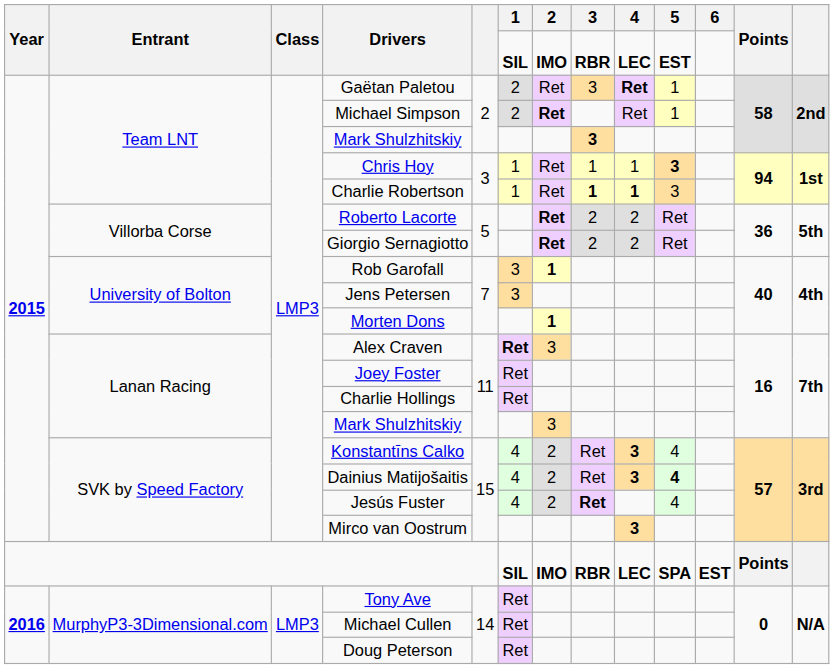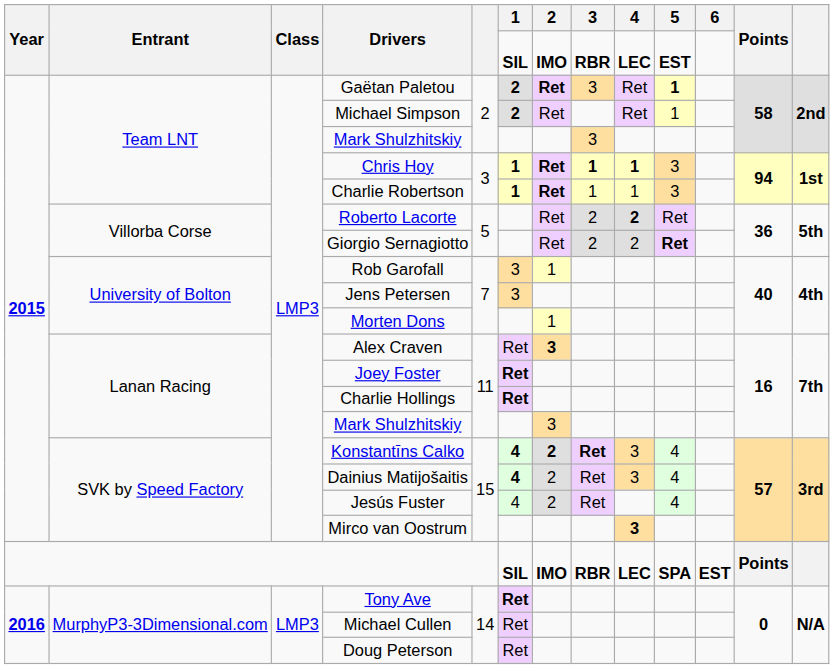 <table class="wikitable" style="text-align:center; font-size:90%">
 <tr>
 <th rowspan="2">Year</th>
 <th rowspan="2">Entrant</th>
 <th rowspan="2">Class</th>
 <th rowspan="2">Drivers</th>
 <th rowspan="2"></th>
 <th>1</th>
 <th>2</th>
 <th>3</th>
 <th>4</th>
 <th>5</th>
 <th>6</th>
 <th rowspan="2">Points</th>
 <th rowspan="2"></th>
 </tr>
 <tr>
 <td><strong></strong><br><strong>SIL</strong></td>
 <td><strong></strong><br><strong>IMO</strong></td>
 <td><strong></strong><br><strong>RBR</strong></td>
 <td><strong></strong><br><strong>LEC</strong></td>
 <td><strong></strong><br><strong>EST</strong></td>
 <td></td>
 </tr>
 <tr>
 <td rowspan="18"><a href='#'><strong>2015</strong></a></td>
 <td rowspan="5"> <a href='#'>Team LNT</a></td>
 <td rowspan="18"><a href='#'>LMP3</a></td>
 <td> Gaëtan Paletou</td>
 <td rowspan="3">2</td>
-<td style="background:#DFDFDF;">2</td>
+<td style="background:#DFDFDF;"><strong>2</strong></td>
+<td style="background:#EFCFFF;"><strong>Ret</strong></td>
+<td style="background:#FFDF9F;">3</td>
 <td style="background:#EFCFFF;">Ret</td>
-<td style="background:#FFDF9F;">3</td>
-<td style="background:#EFCFFF;"><strong>Ret</strong></td>
-<td style="background:#FFFFBF;">1</td>
+<td style="background:#FFFFBF;"><strong>1</strong></td>
 <td></td>
 <td style="background:#DFDFDF;" rowspan="3"><strong>58</strong></td>
 <td style="background:#DFDFDF;" rowspan="3"><strong>2nd</strong></td>
 </tr>
 <tr>
 <td> Michael Simpson</td>
-<td style="background:#DFDFDF;">2</td>
-<td style="background:#EFCFFF;"><strong>Ret</strong></td>
+<td style="background:#DFDFDF;"><strong>2</strong></td>
+<td style="background:#EFCFFF;">Ret</td>
 <td></td>
 <td style="background:#EFCFFF;">Ret</td>
 <td style="background:#FFFFBF;">1</td>
 <td></td>
 </tr>
 <tr>
 <td> <a href='#'>Mark Shulzhitskiy</a></td>
 <td></td>
 <td></td>
-<td style="background:#FFDF9F;"><strong>3</strong></td>
+<td style="background:#FFDF9F;">3</td>
 <td></td>
 <td></td>
 <td></td>
 </tr>
 <tr>
 <td> <a href='#'>Chris Hoy</a></td>
 <td rowspan="2">3</td>
-<td style="background:#FFFFBF;">1</td>
-<td style="background:#EFCFFF;">Ret</td>
-<td style="background:#FFFFBF;">1</td>
-<td style="background:#FFFFBF;">1</td>
-<td style="background:#FFDF9F;"><strong>3</strong></td>
+<td style="background:#FFFFBF;"><strong>1</strong></td>
+<td style="background:#EFCFFF;"><strong>Ret</strong></td>
+<td style="background:#FFFFBF;"><strong>1</strong></td>
+<td style="background:#FFFFBF;"><strong>1</strong></td>
+<td style="background:#FFDF9F;">3</td>
 <td></td>
 <td style="background:#FFFFBF;" rowspan="2"><strong>94</strong></td>
 <td style="background:#FFFFBF;" rowspan="2"><strong>1st</strong></td>
 </tr>
 <tr>
 <td> Charlie Robertson</td>
+<td style="background:#FFFFBF;"><strong>1</strong></td>
+<td style="background:#EFCFFF;"><strong>Ret</strong></td>
 <td style="background:#FFFFBF;">1</td>
-<td style="background:#EFCFFF;">Ret</td>
-<td style="background:#FFFFBF;"><strong>1</strong></td>
-<td style="background:#FFFFBF;"><strong>1</strong></td>
+<td style="background:#FFFFBF;">1</td>
 <td style="background:#FFDF9F;">3</td>
 <td></td>
 </tr>
 <tr>
 <td rowspan="2"> Villorba Corse</td>
 <td> <a href='#'>Roberto Lacorte</a></td>
 <td rowspan="2">5</td>
 <td></td>
-<td style="background:#EFCFFF;"><strong>Ret</strong></td>
+<td style="background:#EFCFFF;">Ret</td>
 <td style="background:#DFDFDF;">2</td>
-<td style="background:#DFDFDF;">2</td>
+<td style="background:#DFDFDF;"><strong>2</strong></td>
 <td style="background:#EFCFFF;">Ret</td>
 <td></td>
 <td rowspan="2"><strong>36</strong></td>
 <td rowspan="2"><strong>5th</strong></td>
 </tr>
 <tr>
 <td> Giorgio Sernagiotto</td>
 <td></td>
-<td style="background:#EFCFFF;"><strong>Ret</strong></td>
+<td style="background:#EFCFFF;">Ret</td>
 <td style="background:#DFDFDF;">2</td>
 <td style="background:#DFDFDF;">2</td>
-<td style="background:#EFCFFF;">Ret</td>
+<td style="background:#EFCFFF;"><strong>Ret</strong></td>
 <td></td>
 </tr>
 <tr>
 <td rowspan="3"> <a href='#'>University of Bolton</a></td>
 <td> Rob Garofall</td>
 <td rowspan="3">7</td>
 <td style="background:#FFDF9F;">3</td>
-<td style="background:#FFFFBF;"><strong>1</strong></td>
+<td style="background:#FFFFBF;">1</td>
 <td></td>
 <td></td>
 <td></td>
 <td></td>
 <td rowspan="3"><strong>40</strong></td>
 <td rowspan="3"><strong>4th</strong></td>
 </tr>
 <tr>
 <td> Jens Petersen</td>
 <td style="background:#FFDF9F;">3</td>
 <td></td>
 <td></td>
 <td></td>
 <td></td>
 <td></td>
 </tr>
 <tr>
 <td> <a href='#'>Morten Dons</a></td>
 <td></td>
-<td style="background:#FFFFBF;"><strong>1</strong></td>
+<td style="background:#FFFFBF;">1</td>
 <td></td>
 <td></td>
 <td></td>
 <td></td>
 </tr>
 <tr>
 <td rowspan="4"> Lanan Racing</td>
 <td> Alex Craven</td>
 <td rowspan="4">11</td>
-<td style="background:#EFCFFF;"><strong>Ret</strong></td>
-<td style="background:#FFDF9F;">3</td>
+<td style="background:#EFCFFF;">Ret</td>
+<td style="background:#FFDF9F;"><strong>3</strong></td>
 <td></td>
 <td></td>
 <td></td>
 <td></td>
 <td rowspan="4"><strong>16</strong></td>
 <td rowspan="4"><strong>7th</strong></td>
 </tr>
 <tr>
 <td> <a href='#'>Joey Foster</a></td>
-<td style="background:#EFCFFF;">Ret</td>
+<td style="background:#EFCFFF;"><strong>Ret</strong></td>
 <td></td>
 <td></td>
 <td></td>
 <td></td>
 <td></td>
 </tr>
 <tr>
 <td> Charlie Hollings</td>
-<td style="background:#EFCFFF;">Ret</td>
+<td style="background:#EFCFFF;"><strong>Ret</strong></td>
 <td></td>
 <td></td>
 <td></td>
 <td></td>
 <td></td>
 </tr>
 <tr>
 <td> <a href='#'>Mark Shulzhitskiy</a></td>
 <td></td>
 <td style="background:#FFDF9F;">3</td>
 <td></td>
 <td></td>
 <td></td>
 <td></td>
 </tr>
 <tr>
 <td rowspan="4"> SVK by <a href='#'>Speed Factory</a></td>
 <td> <a href='#'>Konstantīns Calko</a></td>
 <td rowspan="4">15</td>
-<td style="background:#DFFFDF;">4</td>
-<td style="background:#DFDFDF;">2</td>
-<td style="background:#EFCFFF;">Ret</td>
-<td style="background:#FFDF9F;"><strong>3</strong></td>
+<td style="background:#DFFFDF;"><strong>4</strong></td>
+<td style="background:#DFDFDF;"><strong>2</strong></td>
+<td style="background:#EFCFFF;"><strong>Ret</strong></td>
+<td style="background:#FFDF9F;">3</td>
 <td style="background:#DFFFDF;">4</td>
 <td></td>
 <td style="background:#FFDF9F;" rowspan="4"><strong>57</strong></td>
 <td style="background:#FFDF9F;" rowspan="4"><strong>3rd</strong></td>
 </tr>
 <tr>
 <td> Dainius Matijošaitis</td>
-<td style="background:#DFFFDF;">4</td>
+<td style="background:#DFFFDF;"><strong>4</strong></td>
 <td style="background:#DFDFDF;">2</td>
 <td style="background:#EFCFFF;">Ret</td>
-<td style="background:#FFDF9F;"><strong>3</strong></td>
-<td style="background:#DFFFDF;"><strong>4</strong></td>
+<td style="background:#FFDF9F;">3</td>
+<td style="background:#DFFFDF;">4</td>
 <td></td>
 </tr>
 <tr>
 <td> Jesús Fuster</td>
 <td style="background:#DFFFDF;">4</td>
 <td style="background:#DFDFDF;">2</td>
-<td style="background:#EFCFFF;"><strong>Ret</strong></td>
+<td style="background:#EFCFFF;">Ret</td>
 <td></td>
 <td style="background:#DFFFDF;">4</td>
 <td></td>
 </tr>
 <tr>
 <td> Mirco van Oostrum</td>
 <td></td>
 <td></td>
 <td></td>
 <td style="background:#FFDF9F;"><strong>3</strong></td>
 <td></td>
 <td></td>
 </tr>
 <tr>
 <td colspan="5"></td>
 <td><strong></strong><br><strong>SIL</strong></td>
 <td><strong></strong><br><strong>IMO</strong></td>
 <td><strong></strong><br><strong>RBR</strong></td>
 <td><strong></strong><br><strong>LEC</strong></td>
 <td><strong></strong><br><strong>SPA</strong></td>
 <td><strong></strong><br><strong>EST</strong></td>
 <th>Points</th>
 <th></th>
 </tr>
 <tr>
 <td rowspan="3"><a href='#'><strong>2016</strong></a></td>
 <td rowspan="3"> <a href='#'>MurphyP3-3Dimensional.com</a></td>
 <td rowspan="3"><a href='#'>LMP3</a></td>
 <td> <a href='#'>Tony Ave</a></td>
 <td rowspan="3">14</td>
-<td style="background:#EFCFFF;">Ret</td>
+<td style="background:#EFCFFF;"><strong>Ret</strong></td>
 <td></td>
 <td></td>
 <td></td>
 <td></td>
 <td></td>
 <td rowspan="3"><strong>0</strong></td>
 <td rowspan="3"><strong>N/A</strong></td>
 </tr>
 <tr>
 <td> Michael Cullen</td>
 <td style="background:#EFCFFF;">Ret</td>
 <td></td>
 <td></td>
 <td></td>
 <td></td>
 <td></td>
 </tr>
 <tr>
 <td> Doug Peterson</td>
 <td style="background:#EFCFFF;">Ret</td>
 <td></td>
 <td></td>
 <td></td>
 <td></td>
 <td></td>
 </tr>
 </table>
